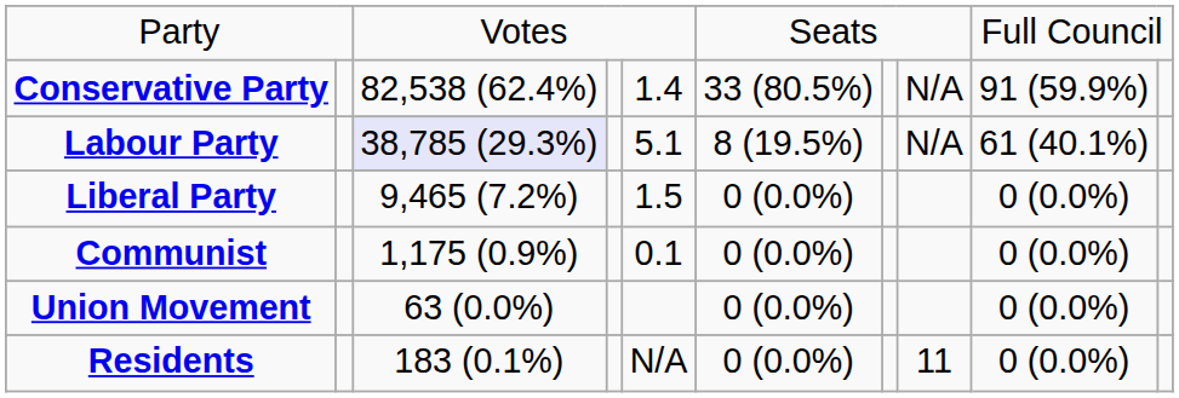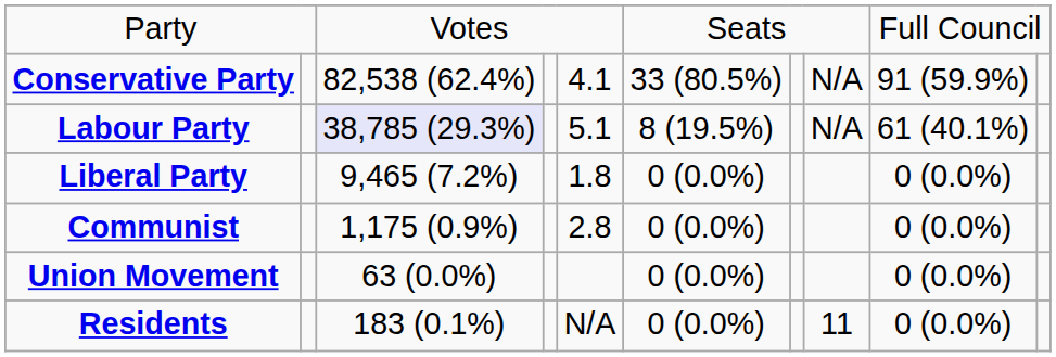 <table class=wikitable style="text-align:center;">
 <tr>
 <td colspan=2>Party</td>
 <td colspan=3>Votes</td>
 <td colspan=3>Seats</td>
 <td colspan=3>Full Council</td>
 </tr>
 <tr>
 <td><strong><a href='#'>Conservative Party</a></strong></td>
 <td style="background:"></td>
 <td>82,538 (62.4%)</td>
 <td></td>
-<td> 1.4</td>
+<td> 4.1</td>
 <td>33 (80.5%)</td>
 <td></td>
 <td>N/A</td>
 <td>91 (59.9%)</td>
 <td></td>
 </tr>
 <tr>
 <td><strong><a href='#'>Labour Party</a></strong></td>
 <td style="background:"></td>
 <td style="background: lavender;">38,785 (29.3%)</td>
 <td></td>
 <td> 5.1</td>
 <td>8 (19.5%)</td>
 <td></td>
 <td>N/A</td>
 <td>61 (40.1%)</td>
 <td></td>
 </tr>
 <tr>
 <td><strong><a href='#'>Liberal Party</a></strong></td>
 <td style="background:"></td>
 <td>9,465 (7.2%)</td>
 <td></td>
-<td> 1.5</td>
+<td> 1.8</td>
 <td>0 (0.0%)</td>
 <td></td>
 <td></td>
 <td>0 (0.0%)</td>
 <td></td>
 </tr>
 <tr>
 <td><strong><a href='#'>Communist</a></strong></td>
 <td style="background:"></td>
 <td>1,175 (0.9%)</td>
 <td></td>
-<td> 0.1</td>
+<td> 2.8</td>
 <td>0 (0.0%)</td>
 <td></td>
 <td></td>
 <td>0 (0.0%)</td>
 <td></td>
 </tr>
 <tr>
 <td><strong><a href='#'>Union Movement</a></strong></td>
 <td style="background:"></td>
 <td>63 (0.0%)</td>
 <td></td>
 <td></td>
 <td>0 (0.0%)</td>
 <td></td>
 <td></td>
 <td>0 (0.0%)</td>
 <td></td>
 </tr>
 <tr>
 <td><strong><a href='#'>Residents</a></strong></td>
 <td style="background:"></td>
 <td>183 (0.1%)</td>
 <td></td>
 <td>N/A</td>
 <td>0 (0.0%)</td>
 <td></td>
 <td> 11</td>
 <td>0 (0.0%)</td>
 <td></td>
 </tr>
 </table>
